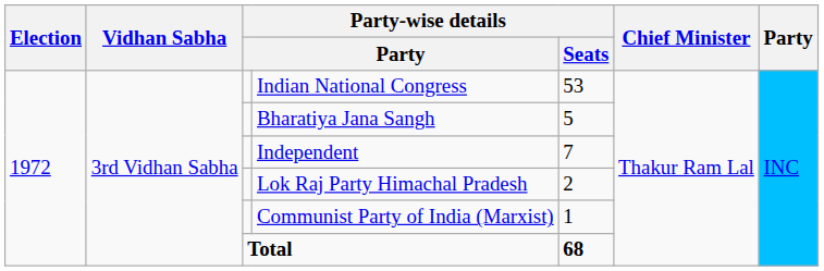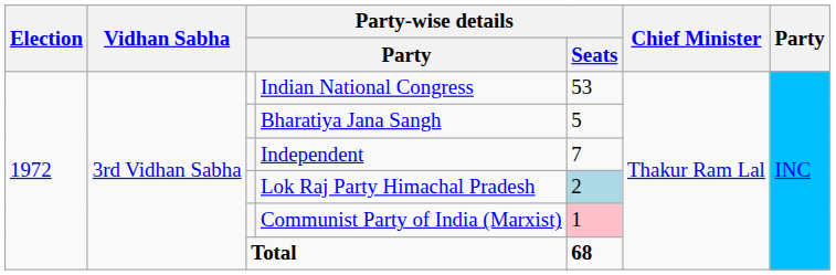 <table class="wikitable sortable">
 <tr>
 <th rowspan="2"><a href='#'>Election</a></th>
 <th rowspan="2"><a href='#'>Vidhan Sabha</a></th>
 <th colspan="3">Party-wise details</th>
 <th rowspan="2"><a href='#'>Chief Minister</a></th>
 <th rowspan="2">Party</th>
 </tr>
 <tr>
 <th colspan="2">Party</th>
 <th><a href='#'>Seats</a></th>
 </tr>
 <tr>
 <td rowspan="6"><a href='#'>1972</a></td>
 <td rowspan="6"><a href='#'>3rd Vidhan Sabha</a></td>
 <td style="background-color: "></td>
 <td><a href='#'>Indian National Congress</a></td>
 <td>53</td>
 <td rowspan="6"><a href='#'>Thakur Ram Lal</a></td>
 <td rowspan="6" bgcolor="#00BFFF"><a href='#'>INC</a></td>
 </tr>
 <tr>
 <td style="background-color: "></td>
 <td><a href='#'>Bharatiya Jana Sangh</a></td>
 <td>5</td>
 </tr>
 <tr>
 <td style="background-color: "></td>
 <td><a href='#'>Independent</a></td>
 <td>7</td>
 </tr>
 <tr>
 <td style="background-color: "></td>
 <td><a href='#'>Lok Raj Party Himachal Pradesh</a></td>
-<td>2</td>
+<td style="background: lightblue;">2</td>
 </tr>
 <tr>
 <td style="background-color: "></td>
 <td><a href='#'>Communist Party of India (Marxist)</a></td>
-<td>1</td>
+<td style="background: pink;">1</td>
 </tr>
 <tr>
 <td colspan="2"><strong>Total</strong></td>
 <td><strong>68</strong></td>
 </tr>
 </table>
